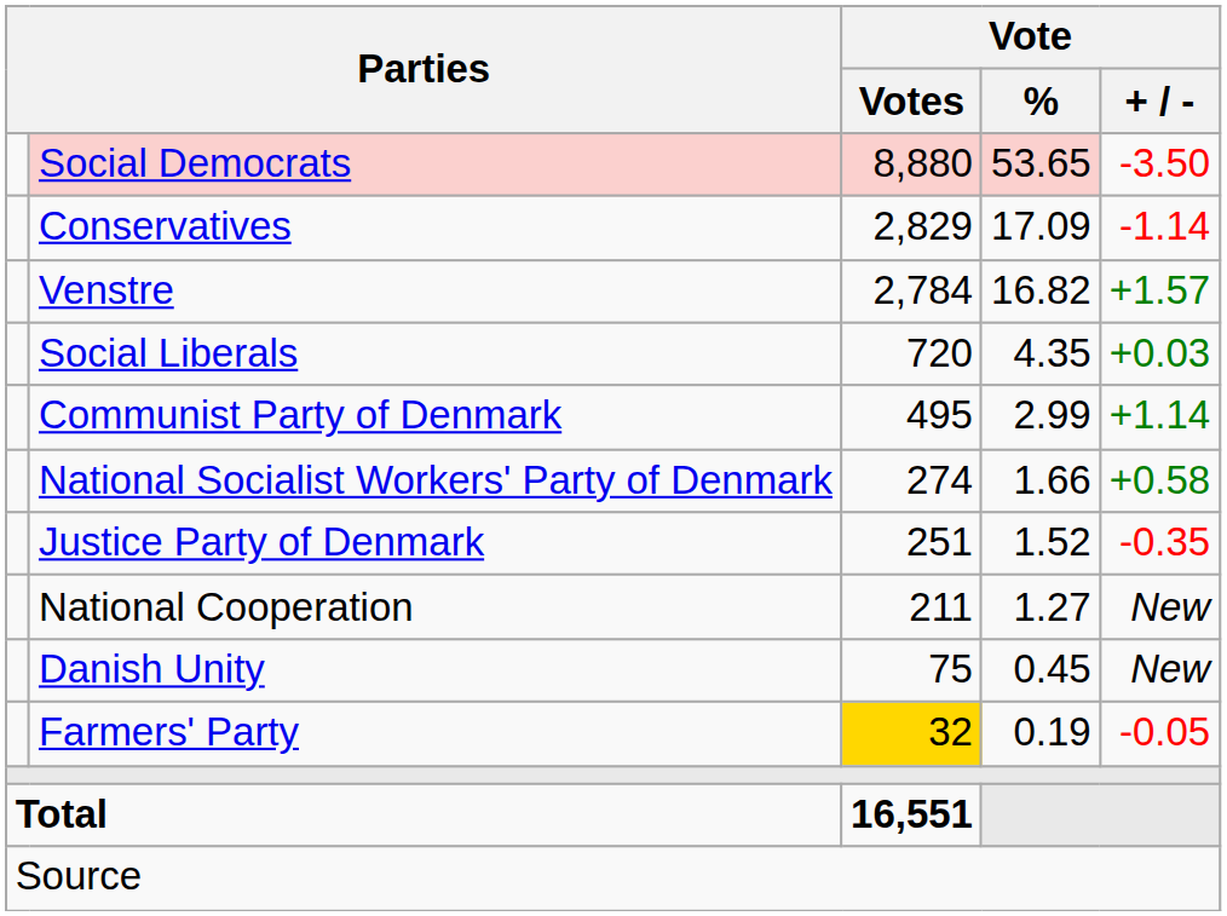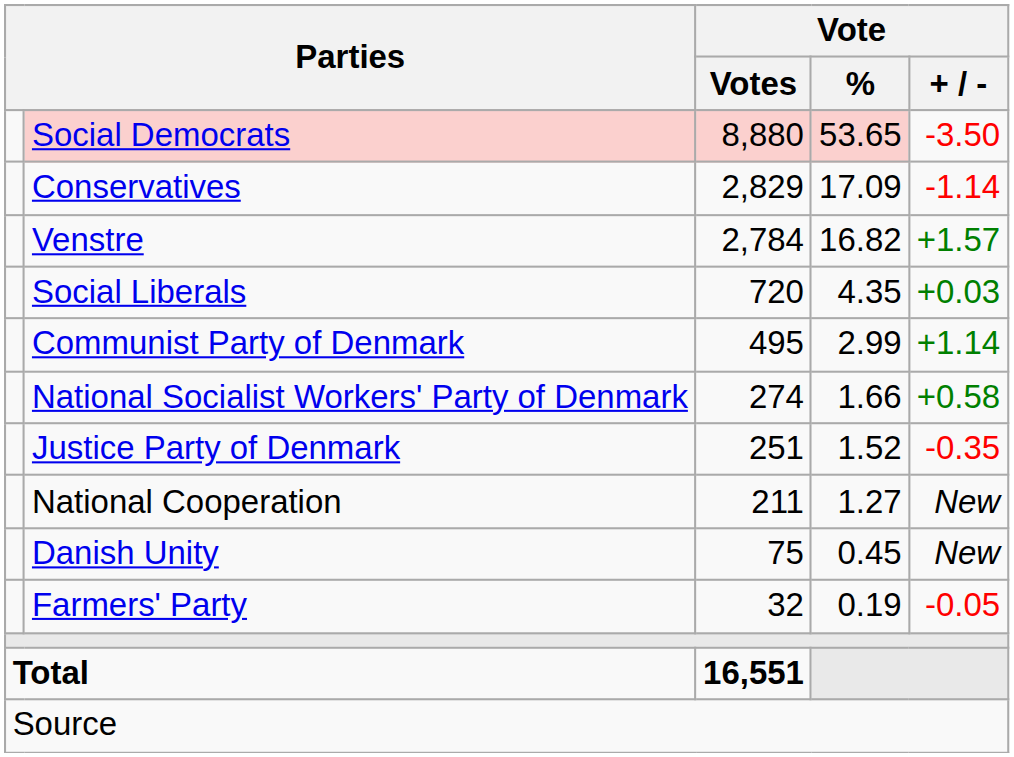 <table class="wikitable" style="text-align:right;">
 <tr>
 <th style="text-align:centre;" rowspan="2" colspan="2" width="225">Parties</th>
 <th colspan="3">Vote</th>
 </tr>
 <tr>
 <th width="15">Votes</th>
 <th width="15">%</th>
 <th width="15">+ / -</th>
 </tr>
 <tr>
 <td width="2" style="color:inherit;background:"></td>
 <td bgcolor=#fbd0ce  align="left"><a href='#'>Social Democrats</a></td>
 <td bgcolor=#fbd0ce>8,880</td>
 <td bgcolor=#fbd0ce>53.65</td>
 <td style=color:red;>-3.50</td>
 </tr>
 <tr>
 <td width="2" style="color:inherit;background:"></td>
 <td align="left"><a href='#'>Conservatives</a></td>
 <td>2,829</td>
 <td>17.09</td>
 <td style=color:red;>-1.14</td>
 </tr>
 <tr>
 <td width="2" style="color:inherit;background:"></td>
 <td align="left"><a href='#'>Venstre</a></td>
 <td>2,784</td>
 <td>16.82</td>
 <td style=color:green;>+1.57</td>
 </tr>
 <tr>
 <td width="2" style="color:inherit;background:"></td>
 <td align="left"><a href='#'>Social Liberals</a></td>
 <td>720</td>
 <td>4.35</td>
 <td style=color:green;>+0.03</td>
 </tr>
 <tr>
 <td width="2" style="color:inherit;background:"></td>
 <td align="left"><a href='#'>Communist Party of Denmark</a></td>
 <td>495</td>
 <td>2.99</td>
 <td style=color:green;>+1.14</td>
 </tr>
 <tr>
 <td width="2" style="color:inherit;background:"></td>
 <td align="left"><a href='#'>National Socialist Workers' Party of Denmark</a></td>
 <td>274</td>
 <td>1.66</td>
 <td style=color:green;>+0.58</td>
 </tr>
 <tr>
 <td width="2" style="color:inherit;background:"></td>
 <td align="left"><a href='#'>Justice Party of Denmark</a></td>
 <td>251</td>
 <td>1.52</td>
 <td style=color:red;>-0.35</td>
 </tr>
 <tr>
 <td width="2" style="color:inherit;background:"></td>
 <td align="left">National Cooperation</td>
 <td>211</td>
 <td>1.27</td>
 <td><em>New</em></td>
 </tr>
 <tr>
 <td width="2" style="color:inherit;background:"></td>
 <td align="left"><a href='#'>Danish Unity</a></td>
 <td>75</td>
 <td>0.45</td>
 <td><em>New</em></td>
 </tr>
 <tr>
 <td width="2" style="color:inherit;background:"></td>
 <td align="left"><a href='#'>Farmers' Party</a></td>
-<td style="background: gold;">32</td>
+<td>32</td>
 <td>0.19</td>
 <td style=color:red;>-0.05</td>
 </tr>
 <tr>
 <td colspan="7" bgcolor="#E9E9E9"></td>
 </tr>
 <tr>
 <td align="left" colspan="2"><strong>Total</strong></td>
 <td><strong>16,551</strong></td>
 <td bgcolor="#E9E9E9" colspan="2"></td>
 </tr>
 <tr>
 <td align="left" colspan="6">Source</td>
 </tr>
 </table>
